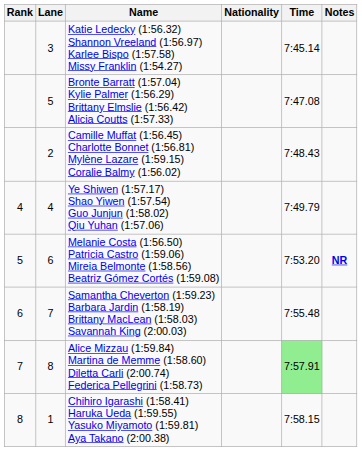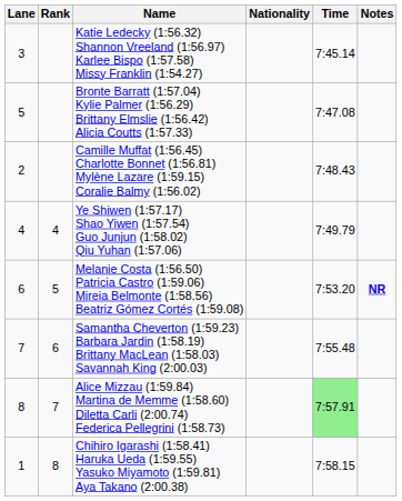 <table class="wikitable sortable" style="text-align:center">
 <tr>
+<th>Lane</th>
 <th>Rank</th>
-<th>Lane</th>
 <th>Name</th>
 <th>Nationality</th>
 <th>Time</th>
 <th>Notes</th>
 </tr>
 <tr>
+<td>3</td>
 <td></td>
-<td>3</td>
 <td align=left><a href='#'>Katie Ledecky</a> (1:56.32)<br><a href='#'>Shannon Vreeland</a> (1:56.97)<br><a href='#'>Karlee Bispo</a> (1:57.58)<br><a href='#'>Missy Franklin</a> (1:54.27)</td>
 <td align=left></td>
 <td>7:45.14</td>
 <td></td>
 </tr>
 <tr>
+<td>5</td>
 <td></td>
-<td>5</td>
 <td align=left><a href='#'>Bronte Barratt</a> (1:57.04)<br><a href='#'>Kylie Palmer</a> (1:56.29)<br><a href='#'>Brittany Elmslie</a> (1:56.42)<br><a href='#'>Alicia Coutts</a> (1:57.33)</td>
 <td align=left></td>
 <td>7:47.08</td>
 <td></td>
 </tr>
 <tr>
+<td>2</td>
 <td></td>
-<td>2</td>
 <td align=left><a href='#'>Camille Muffat</a> (1:56.45)<br><a href='#'>Charlotte Bonnet</a> (1:56.81)<br><a href='#'>Mylène Lazare</a> (1:59.15)<br><a href='#'>Coralie Balmy</a> (1:56.02)</td>
 <td align=left></td>
 <td>7:48.43</td>
 <td></td>
 </tr>
 <tr>
 <td>4</td>
 <td>4</td>
 <td align=left><a href='#'>Ye Shiwen</a> (1:57.17)<br><a href='#'>Shao Yiwen</a> (1:57.54)<br><a href='#'>Guo Junjun</a> (1:58.02)<br><a href='#'>Qiu Yuhan</a> (1:57.06)</td>
 <td align=left></td>
 <td>7:49.79</td>
 <td></td>
 </tr>
 <tr>
+<td>6</td>
 <td>5</td>
-<td>6</td>
 <td align=left><a href='#'>Melanie Costa</a> (1:56.50)<br><a href='#'>Patricia Castro</a> (1:59.06)<br><a href='#'>Mireia Belmonte</a> (1:58.56)<br><a href='#'>Beatriz Gómez Cortés</a> (1:59.08)</td>
 <td align=left></td>
 <td>7:53.20</td>
 <td><strong><a href='#'>NR</a></strong></td>
 </tr>
 <tr>
+<td>7</td>
 <td>6</td>
-<td>7</td>
 <td align=left><a href='#'>Samantha Cheverton</a> (1:59.23)<br><a href='#'>Barbara Jardin</a> (1:58.19)<br><a href='#'>Brittany MacLean</a> (1:58.03)<br><a href='#'>Savannah King</a> (2:00.03)</td>
 <td align=left></td>
 <td>7:55.48</td>
 <td></td>
 </tr>
 <tr>
+<td>8</td>
 <td>7</td>
-<td>8</td>
 <td align=left><a href='#'>Alice Mizzau</a> (1:59.84)<br><a href='#'>Martina de Memme</a> (1:58.60)<br><a href='#'>Diletta Carli</a> (2:00.74)<br><a href='#'>Federica Pellegrini</a> (1:58.73)</td>
 <td align=left></td>
 <td style="background: lightgreen;">7:57.91</td>
 <td></td>
 </tr>
 <tr>
+<td>1</td>
 <td>8</td>
-<td>1</td>
 <td align=left><a href='#'>Chihiro Igarashi</a> (1:58.41)<br><a href='#'>Haruka Ueda</a> (1:59.55)<br><a href='#'>Yasuko Miyamoto</a> (1:59.81)<br><a href='#'>Aya Takano</a> (2:00.38)</td>
 <td align=left></td>
 <td>7:58.15</td>
 <td></td>
 </tr>
 </table>
